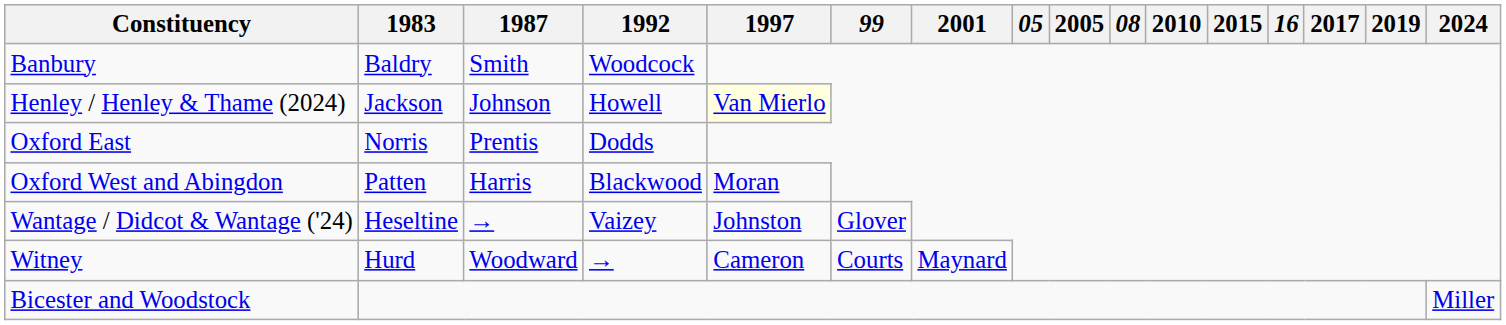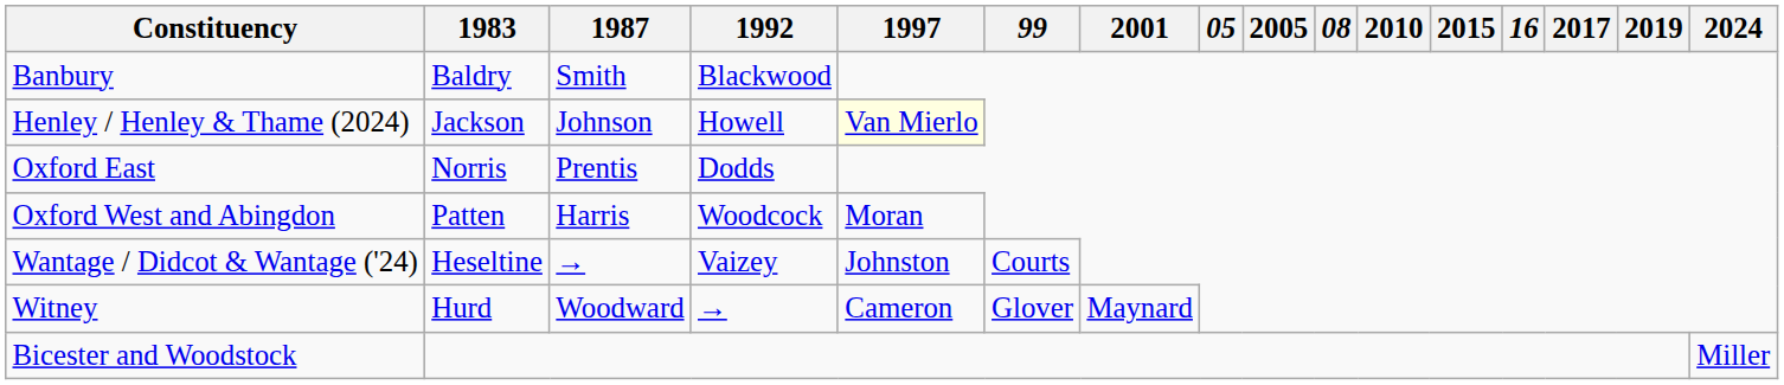 <table class="wikitable">
 <tr>
 <th>Constituency</th>
 <th>1983</th>
 <th>1987</th>
 <th>1992</th>
 <th>1997</th>
 <th><em>99</em></th>
 <th>2001</th>
 <th><em>05</em></th>
 <th>2005</th>
 <th><em>08</em></th>
 <th>2010</th>
 <th>2015</th>
 <th><em>16</em></th>
 <th>2017</th>
 <th>2019</th>
 <th>2024</th>
 </tr>
 <tr>
 <td><a href='#'>Banbury</a></td>
 <td><a href='#'>Baldry</a></td>
 <td><a href='#'>Smith</a></td>
-<td><a href='#'>Woodcock</a></td>
+<td><a href='#'>Blackwood</a></td>
 </tr>
 <tr>
 <td><a href='#'>Henley</a> / <a href='#'>Henley & Thame</a> (2024)</td>
 <td><a href='#'>Jackson</a></td>
 <td><a href='#'>Johnson</a></td>
 <td><a href='#'>Howell</a></td>
 <td style="background: lightyellow;"><a href='#'>Van Mierlo</a></td>
 </tr>
 <tr>
 <td><a href='#'>Oxford East</a></td>
 <td><a href='#'>Norris</a></td>
 <td><a href='#'>Prentis</a></td>
 <td><a href='#'>Dodds</a></td>
 </tr>
 <tr>
 <td><a href='#'>Oxford West and Abingdon</a></td>
 <td><a href='#'>Patten</a></td>
 <td><a href='#'>Harris</a></td>
-<td><a href='#'>Blackwood</a></td>
+<td><a href='#'>Woodcock</a></td>
 <td><a href='#'>Moran</a></td>
 </tr>
 <tr>
 <td><a href='#'>Wantage</a> / <a href='#'>Didcot & Wantage</a> ('24)</td>
 <td><a href='#'>Heseltine</a></td>
 <td><a href='#'>→</a></td>
 <td><a href='#'>Vaizey</a></td>
 <td><a href='#'>Johnston</a></td>
-<td><a href='#'>Glover</a></td>
+<td><a href='#'>Courts</a></td>
 </tr>
 <tr>
 <td><a href='#'>Witney</a></td>
 <td><a href='#'>Hurd</a></td>
 <td><a href='#'>Woodward</a></td>
 <td><a href='#'>→</a></td>
 <td><a href='#'>Cameron</a></td>
-<td><a href='#'>Courts</a></td>
+<td><a href='#'>Glover</a></td>
 <td><a href='#'>Maynard</a></td>
 </tr>
 <tr>
 <td><a href='#'>Bicester and Woodstock</a></td>
 <td colspan="14"></td>
 <td><a href='#'>Miller</a></td>
 </tr>
 </table>
